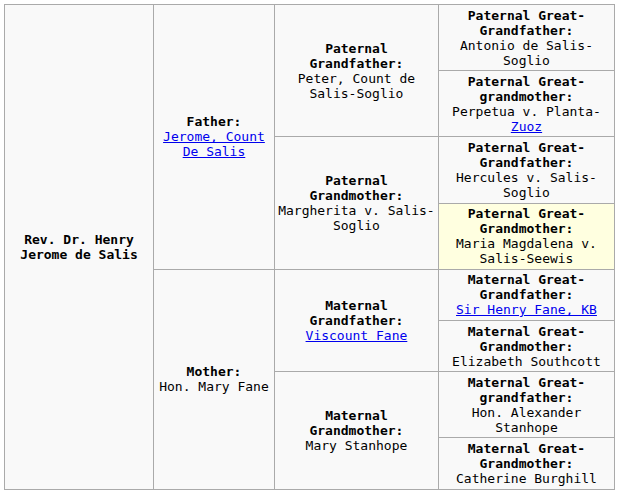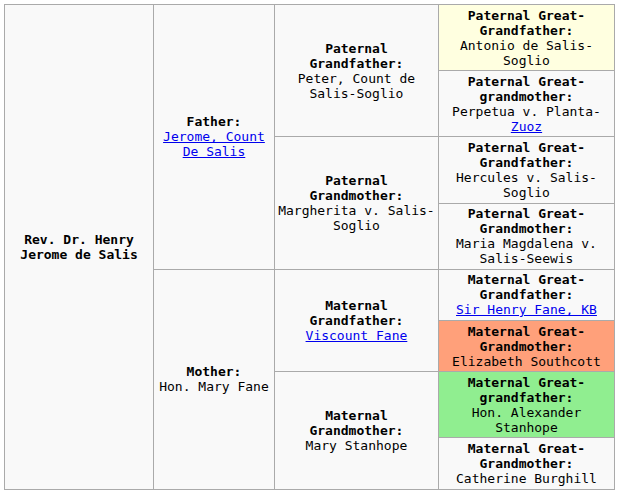 <table class="wikitable">
 <tr>
 </tr>
 <tr>
 <td rowspan="8" align="center"><strong>Rev. Dr. Henry Jerome de Salis</strong></td>
 <td rowspan="4" align="center"><strong>Father:</strong><br><a href='#'>Jerome, Count De Salis</a></td>
 <td rowspan="2" align="center"><strong>Paternal Grandfather:</strong><br>Peter, Count de Salis-Soglio</td>
-<td align="center"><strong>Paternal Great-Grandfather:</strong><br>Antonio de Salis-Soglio</td>
+<td align="center" style="background: lightyellow;"><strong>Paternal Great-Grandfather:</strong><br>Antonio de Salis-Soglio</td>
 </tr>
 <tr>
 <td align="center"><strong>Paternal Great-grandmother:</strong><br>Perpetua v. Planta-<a href='#'>Zuoz</a></td>
 </tr>
 <tr>
 <td rowspan="2" align="center"><strong>Paternal Grandmother:</strong><br>Margherita v. Salis-Soglio</td>
 <td align="center"><strong>Paternal Great-Grandfather:</strong><br>Hercules v. Salis-Soglio</td>
 </tr>
 <tr>
-<td align="center" style="background: lightyellow;"><strong>Paternal Great-Grandmother:</strong><br>Maria Magdalena v. Salis-Seewis</td>
+<td align="center"><strong>Paternal Great-Grandmother:</strong><br>Maria Magdalena v. Salis-Seewis</td>
 </tr>
 <tr>
 <td rowspan="4" align="center"><strong>Mother:</strong><br>Hon. Mary Fane</td>
 <td rowspan="2" align="center"><strong>Maternal Grandfather:</strong><br><a href='#'>Viscount Fane</a></td>
 <td align="center"><strong>Maternal Great-Grandfather:</strong><br><a href='#'>Sir Henry Fane, KB</a></td>
 </tr>
 <tr>
-<td align="center"><strong>Maternal Great-Grandmother:</strong><br>Elizabeth Southcott</td>
+<td align="center" style="background: lightsalmon;"><strong>Maternal Great-Grandmother:</strong><br>Elizabeth Southcott</td>
 </tr>
 <tr>
 <td rowspan="2" align="center"><strong>Maternal Grandmother:</strong><br>Mary Stanhope</td>
-<td align="center"><strong>Maternal Great-grandfather:</strong><br>Hon. Alexander Stanhope</td>
+<td align="center" style="background: lightgreen;"><strong>Maternal Great-grandfather:</strong><br>Hon. Alexander Stanhope</td>
 </tr>
 <tr>
 <td align="center"><strong>Maternal Great-Grandmother:</strong><br>Catherine Burghill</td>
 </tr>
 </table>
